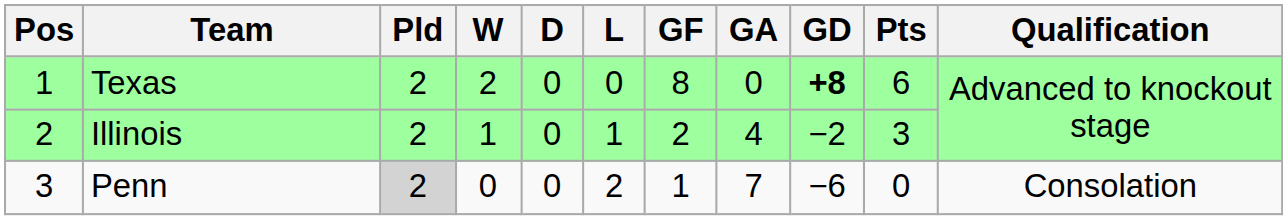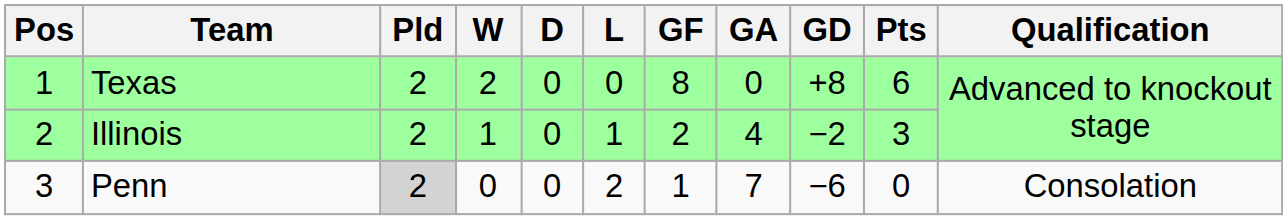 <table class="wikitable" style="text-align:center; margin: 1em auto">
 <tr>
 <th style="width:2em">Pos</th>
 <th style="width:13em">Team</th>
 <th style="width:2em">Pld</th>
 <th style="width:2em">W</th>
 <th style="width:2em">D</th>
 <th style="width:2em">L</th>
 <th style="width:2em">GF</th>
 <th style="width:2em">GA</th>
 <th style="width:2em">GD</th>
 <th style="width:2em">Pts</th>
 <th style="width:13em">Qualification</th>
 </tr>
 <tr bgcolor="#9eff9e">
 <td>1</td>
 <td style="text-align:left">Texas</td>
 <td>2</td>
 <td>2</td>
 <td>0</td>
 <td>0</td>
 <td>8</td>
 <td>0</td>
-<td><strong>+8</strong></td>
+<td>+8</td>
 <td>6</td>
 <td rowspan="2">Advanced to knockout stage</td>
 </tr>
 <tr bgcolor="#9eff9e">
 <td>2</td>
 <td style="text-align:left">Illinois</td>
 <td>2</td>
 <td>1</td>
 <td>0</td>
 <td>1</td>
 <td>2</td>
 <td>4</td>
 <td>−2</td>
 <td>3</td>
 </tr>
 <tr>
 <td>3</td>
 <td style="text-align:left">Penn</td>
 <td style="background: lightgrey;">2</td>
 <td>0</td>
 <td>0</td>
 <td>2</td>
 <td>1</td>
 <td>7</td>
 <td>−6</td>
 <td>0</td>
 <td>Consolation</td>
 </tr>
 </table>
